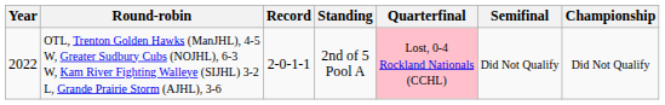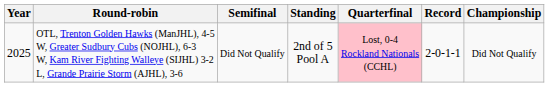 <table class="wikitable" style="text-align:center;">
 <tr>
 <th>Year</th>
 <th>Round-robin</th>
-<th>Record</th>
+<th>Semifinal</th>
 <th>Standing</th>
 <th>Quarterfinal</th>
-<th>Semifinal</th>
+<th>Record</th>
 <th>Championship</th>
 </tr>
 <tr>
-<td>2022</td>
+<td>2025</td>
 <td align=left><small>OTL, <a href='#'>Trenton Golden Hawks</a> (ManJHL), 4-5<br>W, <a href='#'>Greater Sudbury Cubs</a> (NOJHL), 6-3<br>W, <a href='#'>Kam River Fighting Walleye</a> (SIJHL) 3-2<br>L, <a href='#'>Grande Prairie Storm</a> (AJHL), 3-6</small></td>
-<td>2-0-1-1</td>
+<td><small> Did Not Qualify</small></td>
 <td>2nd of 5 <br>Pool A</td>
 <td style="background: pink;"><small>Lost, 0-4<br><a href='#'>Rockland Nationals</a><br>(CCHL)</small></td>
-<td><small> Did Not Qualify</small></td>
+<td>2-0-1-1</td>
 <td><small> Did Not Qualify </small></td>
 </tr>
 </table>
